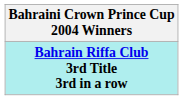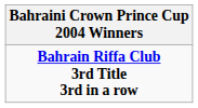 <table class="wikitable" style="text-align: center; margin: 0 auto;">
 <tr>
 <th>Bahraini Crown Prince Cup <br>2004 Winners</th>
 </tr>
 <tr>
-<td style="background: paleturquoise;"><strong><a href='#'>Bahrain Riffa Club</a></strong><br><strong>3rd Title</strong> <br> <strong>3rd in a row</strong></td>
+<td><strong><a href='#'>Bahrain Riffa Club</a></strong><br><strong>3rd Title</strong> <br> <strong>3rd in a row</strong></td>
 </tr>
 </table>
